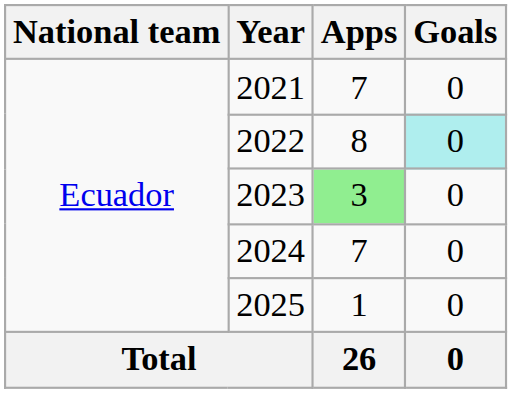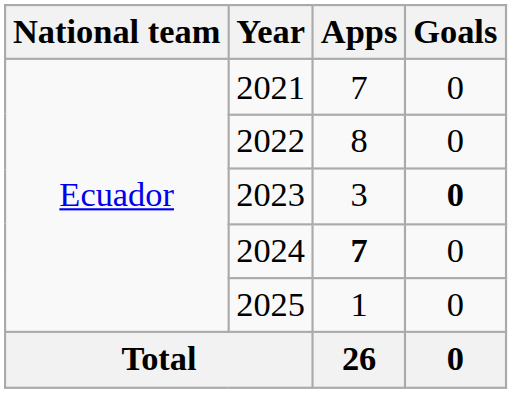 <table class="wikitable" style="text-align:center">
 <tr>
 <th>National team</th>
 <th>Year</th>
 <th>Apps</th>
 <th>Goals</th>
 </tr>
 <tr>
 <td rowspan="5"><a href='#'>Ecuador</a></td>
 <td>2021</td>
 <td>7</td>
 <td>0</td>
 </tr>
 <tr>
 <td>2022</td>
 <td>8</td>
-<td style="background: paleturquoise;">0</td>
+<td>0</td>
 </tr>
 <tr>
 <td>2023</td>
-<td style="background: lightgreen;">3</td>
-<td>0</td>
+<td>3</td>
+<td><strong>0</strong></td>
 </tr>
 <tr>
 <td>2024</td>
-<td>7</td>
+<td><strong>7</strong></td>
 <td>0</td>
 </tr>
 <tr>
 <td>2025</td>
 <td>1</td>
 <td>0</td>
 </tr>
 <tr>
 <th colspan="2">Total</th>
 <th>26</th>
 <th>0</th>
 </tr>
 </table>
